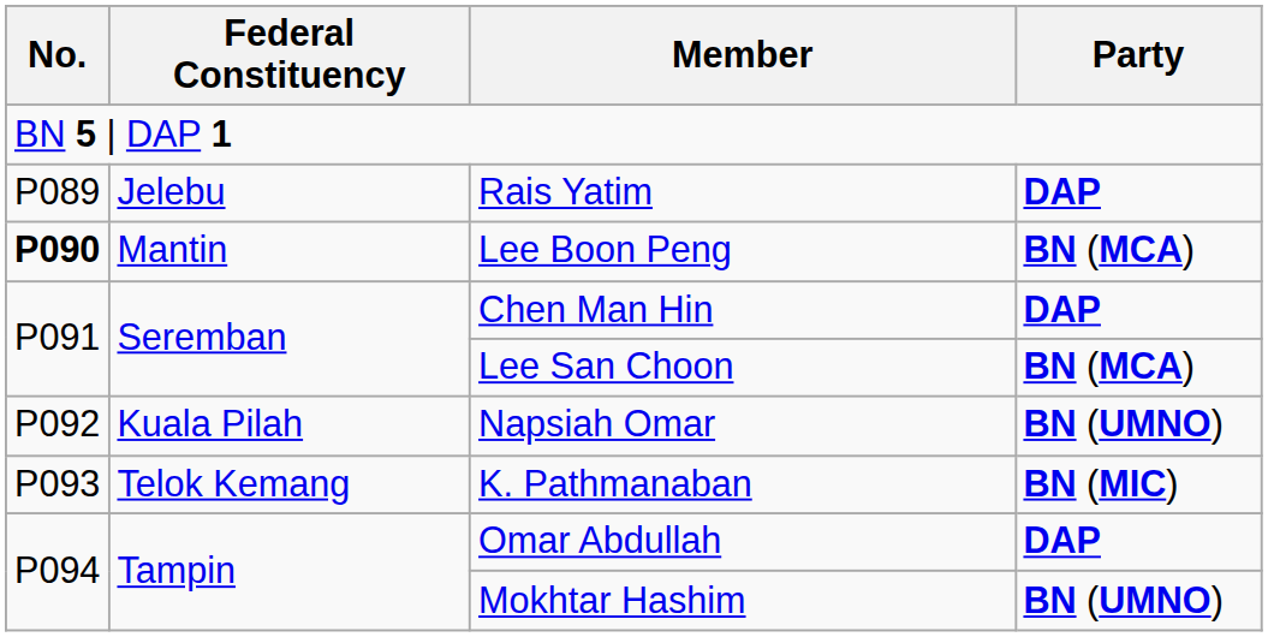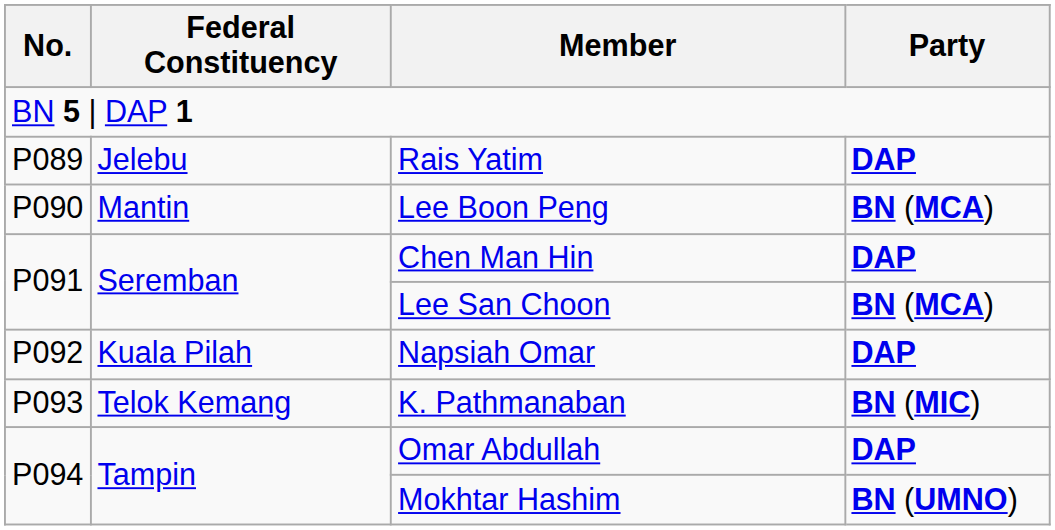 <table class="wikitable sortable">
 <tr>
 <th style="width:30px;">No.</th>
 <th style="width:150px;">Federal Constituency</th>
 <th style="width:230px;">Member</th>
 <th style="width:100px;">Party</th>
 </tr>
 <tr>
 <td colspan="4"><a href='#'>BN</a> <strong>5</strong> | <a href='#'>DAP</a> <strong>1</strong></td>
 </tr>
 <tr>
 <td>P089</td>
 <td><a href='#'>Jelebu</a></td>
 <td><a href='#'>Rais Yatim</a></td>
 <td><strong><a href='#'>DAP</a></strong></td>
 </tr>
 <tr>
-<td><strong>P090</strong></td>
+<td>P090</td>
 <td><a href='#'>Mantin</a></td>
 <td><a href='#'>Lee Boon Peng</a></td>
 <td><strong><a href='#'>BN</a></strong> (<strong><a href='#'>MCA</a></strong>)</td>
 </tr>
 <tr>
 <td rowspan=2>P091</td>
 <td rowspan=2><a href='#'>Seremban</a></td>
 <td><a href='#'>Chen Man Hin</a> </td>
 <td><strong><a href='#'>DAP</a></strong></td>
 </tr>
 <tr>
 <td><a href='#'>Lee San Choon</a> </td>
 <td><strong><a href='#'>BN</a></strong> (<strong><a href='#'>MCA</a></strong>)</td>
 </tr>
 <tr>
 <td>P092</td>
 <td><a href='#'>Kuala Pilah</a></td>
 <td><a href='#'>Napsiah Omar</a></td>
-<td><strong><a href='#'>BN</a></strong> (<strong><a href='#'>UMNO</a></strong>)</td>
+<td><strong><a href='#'>DAP</a></strong></td>
 </tr>
 <tr>
 <td>P093</td>
 <td><a href='#'>Telok Kemang</a></td>
 <td><a href='#'>K. Pathmanaban</a></td>
 <td><strong><a href='#'>BN</a></strong> (<strong><a href='#'>MIC</a></strong>)</td>
 </tr>
 <tr>
 <td rowspan=2>P094</td>
 <td rowspan=2><a href='#'>Tampin</a></td>
 <td><a href='#'>Omar Abdullah</a><br></td>
 <td><strong><a href='#'>DAP</a></strong></td>
 </tr>
 <tr>
 <td><a href='#'>Mokhtar Hashim</a><br></td>
 <td><strong><a href='#'>BN</a></strong> (<strong><a href='#'>UMNO</a></strong>)</td>
 </tr>
 </table>
